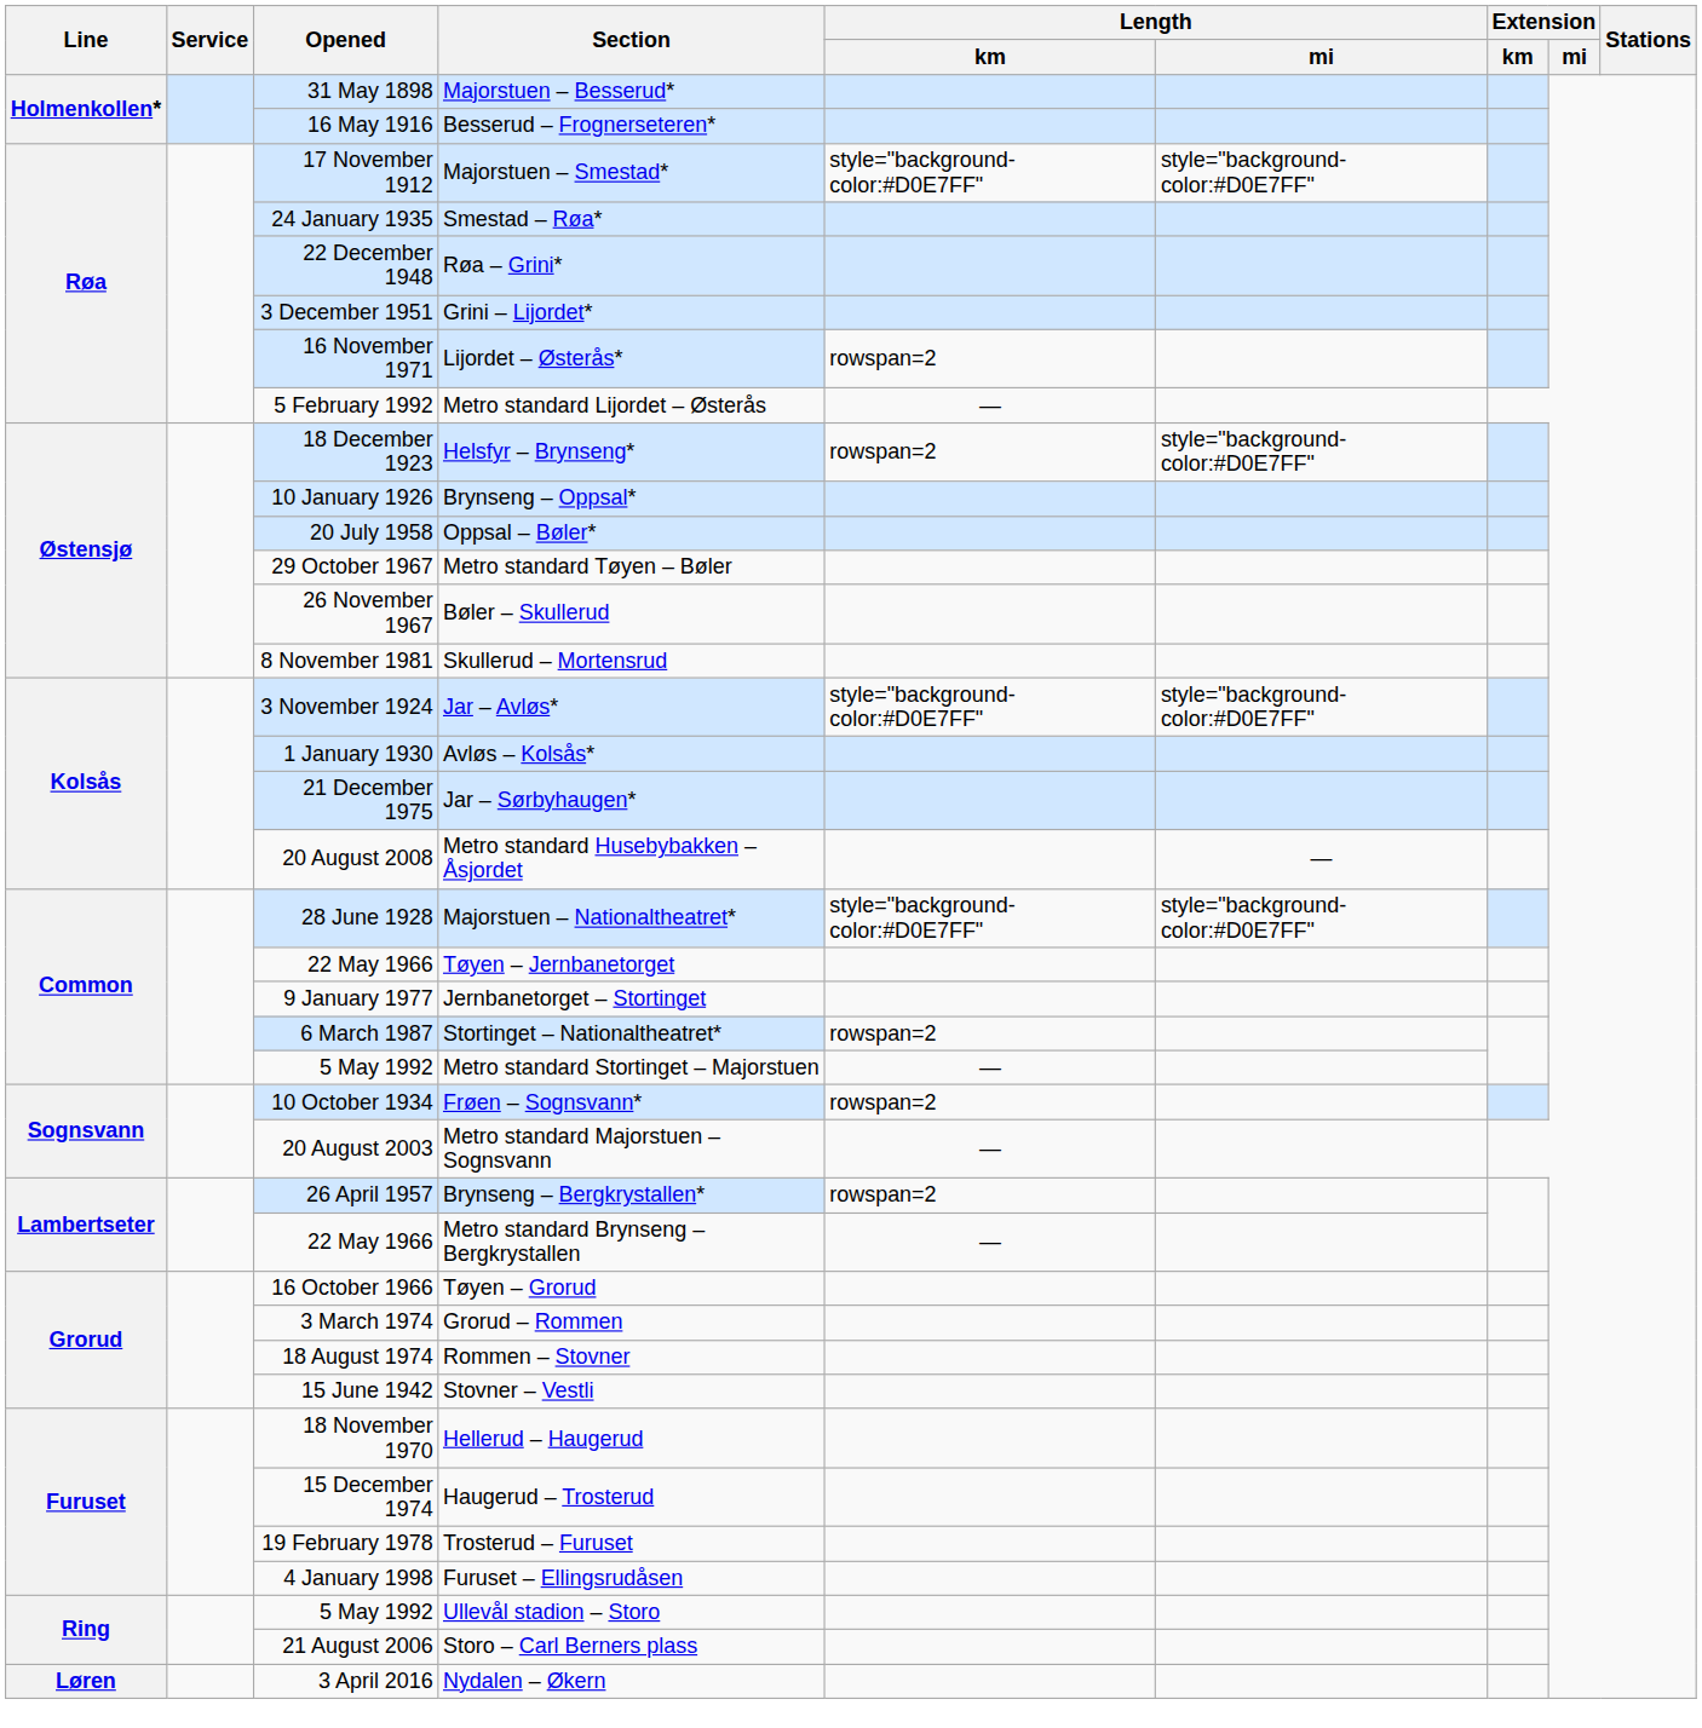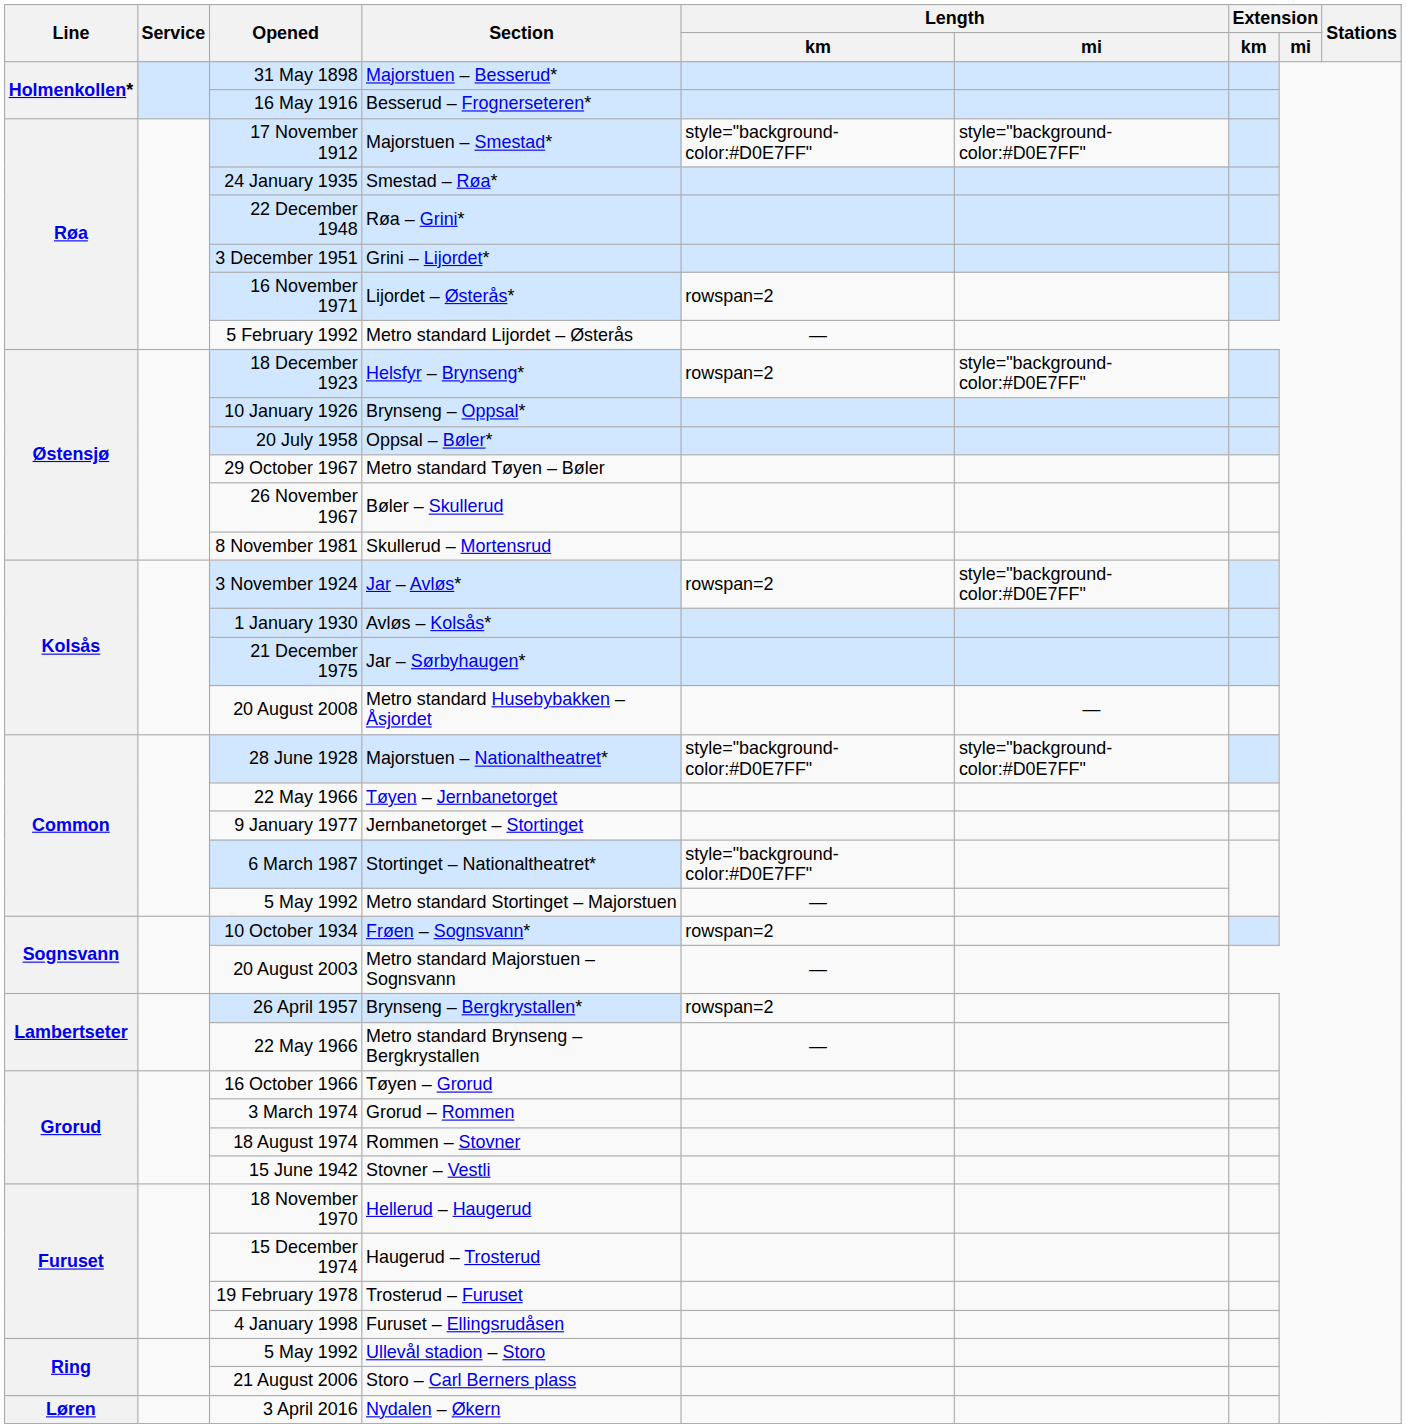 <table class="wikitable plainrowheaders">
 <tr>
 <th scope=col rowspan=2>Line</th>
 <th scope=col rowspan=2>Service</th>
 <th scope=col rowspan=2>Opened</th>
 <th scope=col rowspan=2>Section</th>
 <th scope=col colspan=2>Length</th>
 <th scope=col colspan=2>Extension</th>
 <th scope=col rowspan=2>Stations</th>
 </tr>
 <tr>
 <th>km</th>
 <th>mi</th>
 <th>km</th>
 <th>mi</th>
 </tr>
 <tr style="background-color:#D0E7FF" |>
 <th scope=row rowspan=2><a href='#'>Holmenkollen</a>*</th>
 <td rowspan=2></td>
 <td align=right>31 May 1898</td>
 <td><a href='#'>Majorstuen</a> – <a href='#'>Besserud</a>*</td>
 <td></td>
 <td></td>
 <td align=right></td>
 </tr>
 <tr style="background-color:#D0E7FF" |>
 <td align=right>16 May 1916</td>
 <td>Besserud – <a href='#'>Frognerseteren</a>*</td>
 <td></td>
 <td></td>
 <td align=right></td>
 </tr>
 <tr>
 <th scope=row  rowspan=6><a href='#'>Røa</a></th>
 <td rowspan=6></td>
 <td style="background-color:#D0E7FF" align=right>17 November 1912</td>
 <td style="background-color:#D0E7FF">Majorstuen – <a href='#'>Smestad</a>*</td>
 <td>style="background-color:#D0E7FF" </td>
 <td>style="background-color:#D0E7FF" </td>
 <td style="background-color:#D0E7FF" align=right></td>
 </tr>
 <tr style="background-color:#D0E7FF" |>
 <td align=right>24 January 1935</td>
 <td>Smestad – <a href='#'>Røa</a>*</td>
 <td></td>
 <td></td>
 <td align=right></td>
 </tr>
 <tr style="background-color:#D0E7FF" |>
 <td align=right>22 December 1948</td>
 <td>Røa – <a href='#'>Grini</a>*</td>
 <td></td>
 <td></td>
 <td align=right></td>
 </tr>
 <tr style="background-color:#D0E7FF" |>
 <td align=right>3 December 1951</td>
 <td>Grini – <a href='#'>Lijordet</a>*</td>
 <td></td>
 <td></td>
 <td align=right></td>
 </tr>
 <tr>
 <td align=right style="background-color:#D0E7FF">16 November 1971</td>
 <td style="background-color:#D0E7FF">Lijordet – <a href='#'>Østerås</a>*</td>
 <td>rowspan=2 </td>
 <td></td>
 <td style="background-color:#D0E7FF" align=right></td>
 </tr>
 <tr>
 <td align=right>5 February 1992</td>
 <td>Metro standard Lijordet – Østerås</td>
 <td align=center>—</td>
 <td align=right></td>
 </tr>
 <tr>
 <th scope=row  rowspan=6><a href='#'>Østensjø</a></th>
 <td rowspan=6></td>
 <td style="background-color:#D0E7FF" align=right>18 December 1923</td>
 <td style="background-color:#D0E7FF"><a href='#'>Helsfyr</a> – <a href='#'>Brynseng</a>*</td>
 <td>rowspan=2 </td>
 <td>style="background-color:#D0E7FF" </td>
 <td style="background-color:#D0E7FF" align=right></td>
 </tr>
 <tr style="background-color:#D0E7FF" |>
 <td align=right>10 January 1926</td>
 <td>Brynseng – <a href='#'>Oppsal</a>*</td>
 <td></td>
 <td></td>
 <td align=right></td>
 </tr>
 <tr style="background-color:#D0E7FF" |>
 <td align=right>20 July 1958</td>
 <td>Oppsal – <a href='#'>Bøler</a>*</td>
 <td></td>
 <td></td>
 <td align=right></td>
 </tr>
 <tr>
 <td align=right>29 October 1967</td>
 <td>Metro standard Tøyen – Bøler</td>
 <td></td>
 <td></td>
 <td align=right></td>
 </tr>
 <tr>
 <td align=right>26 November 1967</td>
 <td>Bøler – <a href='#'>Skullerud</a></td>
 <td></td>
 <td></td>
 <td align=right></td>
 </tr>
 <tr>
 <td align=right>8 November 1981</td>
 <td>Skullerud – <a href='#'>Mortensrud</a></td>
 <td></td>
 <td></td>
 <td align=right></td>
 </tr>
 <tr>
 <th scope=row  rowspan=4><a href='#'>Kolsås</a></th>
 <td rowspan=4></td>
 <td style="background-color:#D0E7FF" align=right>3 November 1924</td>
 <td style="background-color:#D0E7FF"><a href='#'>Jar</a> – <a href='#'>Avløs</a>*</td>
-<td>style="background-color:#D0E7FF" </td>
+<td>rowspan=2 </td>
 <td>style="background-color:#D0E7FF" </td>
 <td style="background-color:#D0E7FF" align=right></td>
 </tr>
 <tr style="background-color:#D0E7FF" |>
 <td align=right>1 January 1930</td>
 <td>Avløs – <a href='#'>Kolsås</a>*</td>
 <td></td>
 <td></td>
 <td align=right></td>
 </tr>
 <tr style="background-color:#D0E7FF" |>
 <td align=right>21 December 1975</td>
 <td>Jar – <a href='#'>Sørbyhaugen</a>*</td>
 <td></td>
 <td></td>
 <td align=right></td>
 </tr>
 <tr>
 <td align=right>20 August 2008</td>
 <td>Metro standard <a href='#'>Husebybakken</a> – <a href='#'>Åsjordet</a></td>
 <td></td>
 <td align=center>—</td>
 <td align=right></td>
 </tr>
 <tr>
 <th scope=row  rowspan=5><a href='#'>Common</a></th>
 <td rowspan=5></td>
 <td style="background-color:#D0E7FF" align=right>28 June 1928</td>
 <td style="background-color:#D0E7FF">Majorstuen – <a href='#'>Nationaltheatret</a>*</td>
 <td>style="background-color:#D0E7FF" </td>
 <td>style="background-color:#D0E7FF" </td>
 <td style="background-color:#D0E7FF" align=right></td>
 </tr>
 <tr>
 <td align=right>22 May 1966</td>
 <td><a href='#'>Tøyen</a> – <a href='#'>Jernbanetorget</a></td>
 <td></td>
 <td></td>
 <td align=right></td>
 </tr>
 <tr>
 <td align=right>9 January 1977</td>
 <td>Jernbanetorget – <a href='#'>Stortinget</a></td>
 <td></td>
 <td></td>
 <td align=right></td>
 </tr>
 <tr>
 <td align=right style="background-color:#D0E7FF">6 March 1987</td>
 <td style="background-color:#D0E7FF">Stortinget – Nationaltheatret*</td>
-<td>rowspan=2 </td>
+<td>style="background-color:#D0E7FF" </td>
 <td></td>
 <td rowspan=2 align=right></td>
 </tr>
 <tr>
 <td align=right>5 May 1992</td>
 <td>Metro standard Stortinget – Majorstuen</td>
 <td align=center>—</td>
 </tr>
 <tr>
 <th scope=row  rowspan=2><a href='#'>Sognsvann</a></th>
 <td rowspan=2></td>
 <td style="background-color:#D0E7FF" align=right>10 October 1934</td>
 <td style="background-color:#D0E7FF"><a href='#'>Frøen</a> – <a href='#'>Sognsvann</a>*</td>
 <td>rowspan=2 </td>
 <td></td>
 <td style="background-color:#D0E7FF" align=right></td>
 </tr>
 <tr>
 <td align=right>20 August 2003</td>
 <td>Metro standard Majorstuen – Sognsvann</td>
 <td align=center>—</td>
 <td align=right></td>
 </tr>
 <tr>
 <th scope=row  rowspan=2><a href='#'>Lambertseter</a></th>
 <td rowspan=2></td>
 <td style="background-color:#D0E7FF" align=right>26 April 1957</td>
 <td style="background-color:#D0E7FF">Brynseng – <a href='#'>Bergkrystallen</a>*</td>
 <td>rowspan=2 </td>
 <td></td>
 <td rowspan=2  align=right></td>
 </tr>
 <tr>
 <td align=right>22 May 1966</td>
 <td>Metro standard Brynseng – Bergkrystallen</td>
 <td align=center>—</td>
 </tr>
 <tr>
 <th scope=row  rowspan=4><a href='#'>Grorud</a></th>
 <td rowspan=4></td>
 <td align=right>16 October 1966</td>
 <td>Tøyen – <a href='#'>Grorud</a></td>
 <td></td>
 <td></td>
 <td align=right></td>
 </tr>
 <tr>
 <td align=right>3 March 1974</td>
 <td>Grorud – <a href='#'>Rommen</a></td>
 <td></td>
 <td></td>
 <td align=right></td>
 </tr>
 <tr>
 <td align=right>18 August 1974</td>
 <td>Rommen – <a href='#'>Stovner</a></td>
 <td></td>
 <td></td>
 <td align=right></td>
 </tr>
 <tr>
 <td align=right>15 June 1942</td>
 <td>Stovner – <a href='#'>Vestli</a></td>
 <td></td>
 <td></td>
 <td align=right></td>
 </tr>
 <tr>
 <th scope=row  rowspan=4><a href='#'>Furuset</a></th>
 <td rowspan=4></td>
 <td align=right>18 November 1970</td>
 <td><a href='#'>Hellerud</a> – <a href='#'>Haugerud</a></td>
 <td></td>
 <td></td>
 <td align=right></td>
 </tr>
 <tr>
 <td align=right>15 December 1974</td>
 <td>Haugerud – <a href='#'>Trosterud</a></td>
 <td></td>
 <td></td>
 <td align=right></td>
 </tr>
 <tr>
 <td align=right>19 February 1978</td>
 <td>Trosterud – <a href='#'>Furuset</a></td>
 <td></td>
 <td></td>
 <td align=right></td>
 </tr>
 <tr>
 <td align=right>4 January 1998</td>
 <td>Furuset – <a href='#'>Ellingsrudåsen</a></td>
 <td></td>
 <td></td>
 <td align=right></td>
 </tr>
 <tr>
 <th scope=row   rowspan=2><a href='#'>Ring</a></th>
 <td rowspan=2></td>
 <td align=right>5 May 1992</td>
 <td><a href='#'>Ullevål stadion</a> – <a href='#'>Storo</a></td>
 <td></td>
 <td></td>
 <td align=right></td>
 </tr>
 <tr>
 <td align=right>21 August 2006</td>
 <td>Storo – <a href='#'>Carl Berners plass</a></td>
 <td></td>
 <td></td>
 <td align=right></td>
 </tr>
 <tr>
 <th scope=row   rowspan=2><a href='#'>Løren</a></th>
 <td rowspan=2></td>
 <td align=right>3 April 2016</td>
 <td><a href='#'>Nydalen</a> – <a href='#'>Økern</a></td>
 <td></td>
 <td></td>
 <td align=right></td>
 </tr>
 </table>
